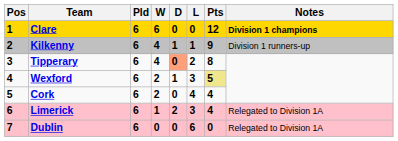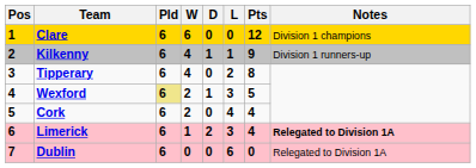 <table class="wikitable" style="text-align: centre;">
 <tr>
 <th width=20>Pos</th>
 <th width=150>Team</th>
 <th width=20>Pld</th>
 <th width=20>W</th>
 <th width=20>D</th>
 <th width=20>L</th>
 <th width=20>Pts</th>
 <th width=250>Notes</th>
 </tr>
 <tr style="background:gold;">
 <td><strong>1</strong></td>
 <td align=left><strong> <a href='#'>Clare</a> </strong></td>
 <td><strong>6</strong></td>
 <td><strong>6</strong></td>
 <td><strong>0</strong></td>
 <td><strong>0</strong></td>
 <td><strong>12</strong></td>
-<td><strong><small> Division 1 champions</small></strong></td>
+<td><small> Division 1 champions</small></td>
 </tr>
 <tr style="background:silver;">
 <td><strong>2</strong></td>
 <td align=left><strong> <a href='#'>Kilkenny</a> </strong></td>
 <td><strong>6</strong></td>
 <td><strong>4</strong></td>
 <td><strong>1</strong></td>
 <td><strong>1</strong></td>
 <td><strong>9</strong></td>
 <td><small> Division 1 runners-up</small></td>
 </tr>
 <tr style>
 <td><strong>3</strong></td>
 <td align=left><strong> <a href='#'>Tipperary</a> </strong></td>
 <td><strong>6</strong></td>
 <td><strong>4</strong></td>
-<td style="background: lightsalmon;"><strong>0</strong></td>
+<td><strong>0</strong></td>
 <td><strong>2</strong></td>
 <td><strong>8</strong></td>
 </tr>
 <tr style>
 <td><strong>4</strong></td>
 <td align=left><strong> <a href='#'>Wexford</a> </strong></td>
-<td><strong>6</strong></td>
+<td style="background: khaki;"><strong>6</strong></td>
 <td><strong>2</strong></td>
 <td><strong>1</strong></td>
 <td><strong>3</strong></td>
-<td style="background: khaki;"><strong>5</strong></td>
+<td><strong>5</strong></td>
 </tr>
 <tr style>
 <td><strong>5</strong></td>
 <td align=left><strong> <a href='#'>Cork</a> </strong></td>
 <td><strong>6</strong></td>
 <td><strong>2</strong></td>
 <td><strong>0</strong></td>
 <td><strong>4</strong></td>
 <td><strong>4</strong></td>
 </tr>
 <tr style="background:#FFC0CB;">
 <td><strong>6</strong></td>
 <td align=left><strong> <a href='#'>Limerick</a> </strong></td>
 <td><strong>6</strong></td>
 <td><strong>1</strong></td>
 <td><strong>2</strong></td>
 <td><strong>3</strong></td>
 <td><strong>4</strong></td>
-<td><small> Relegated to Division 1A</small></td>
+<td><strong><small> Relegated to Division 1A</small></strong></td>
 </tr>
 <tr style="background:#FFC0CB;">
 <td><strong>7</strong></td>
 <td align=left><strong> <a href='#'>Dublin</a> </strong></td>
 <td><strong>6</strong></td>
 <td><strong>0</strong></td>
 <td><strong>0</strong></td>
 <td><strong>6</strong></td>
 <td><strong>0</strong></td>
 <td><small> Relegated to Division 1A</small></td>
 </tr>
 </table>
